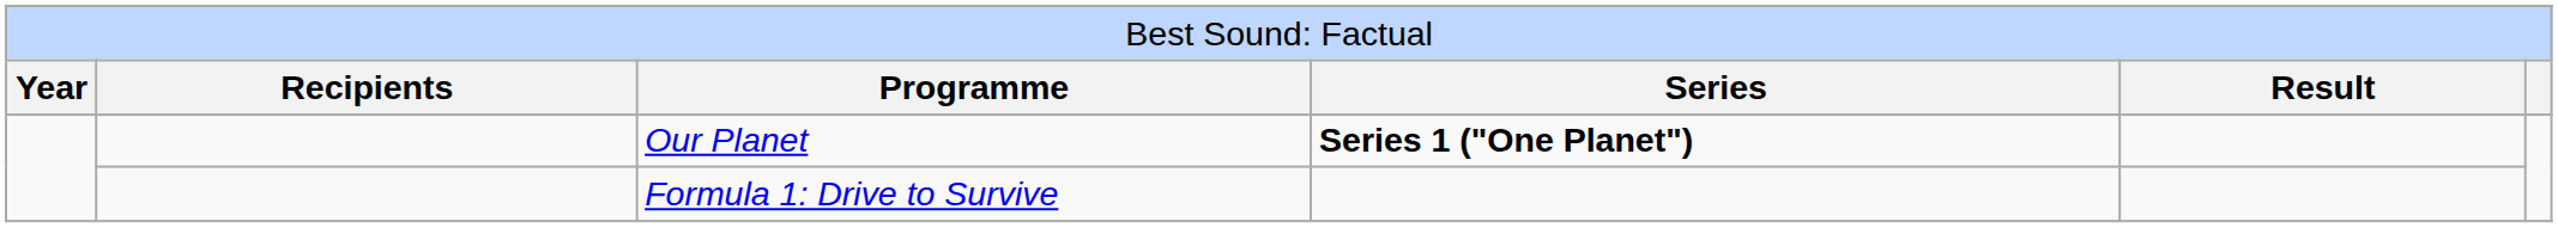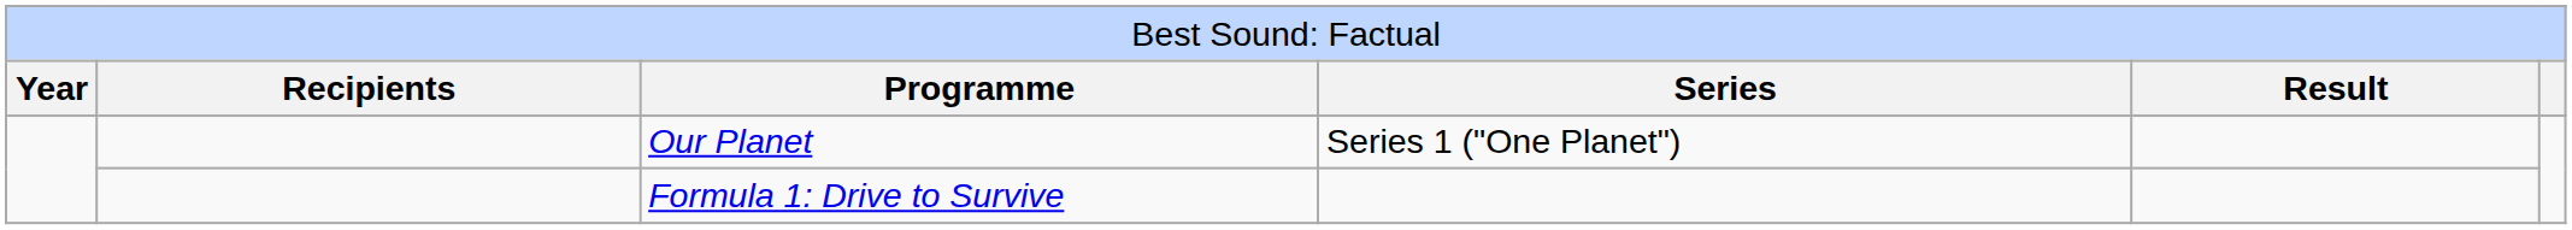 <table class="wikitable plainrowheaders" style="font-size: 90%" width=85%>
 <tr>
 </tr>
 <tr ---- bgcolor="#bfd7ff">
 <td colspan=6 align=center>Best Sound: Factual</td>
 </tr>
 <tr ---- bgcolor="#ebf5ff">
 <th scope="col" style="width:2%;">Year</th>
 <th scope="col" style="width:20%;">Recipients</th>
 <th scope="col" style="width:25%;">Programme</th>
 <th scope="col" style="width:30%;">Series</th>
 <th scope="col" style="width:15%;">Result</th>
 <th scope="col" class="unsortable" style="width:1%;"></th>
 </tr>
 <tr>
 <td rowspan="2"></td>
 <td></td>
 <td><em><a href='#'>Our Planet</a></em></td>
-<td><strong>Series 1 ("One Planet")</strong></td>
+<td>Series 1 ("One Planet")</td>
 <td></td>
 <td rowspan="2"></td>
 </tr>
 <tr>
 <td></td>
 <td><em><a href='#'>Formula 1: Drive to Survive</a></em></td>
 <td></td>
 <td></td>
 </tr>
 </table>
